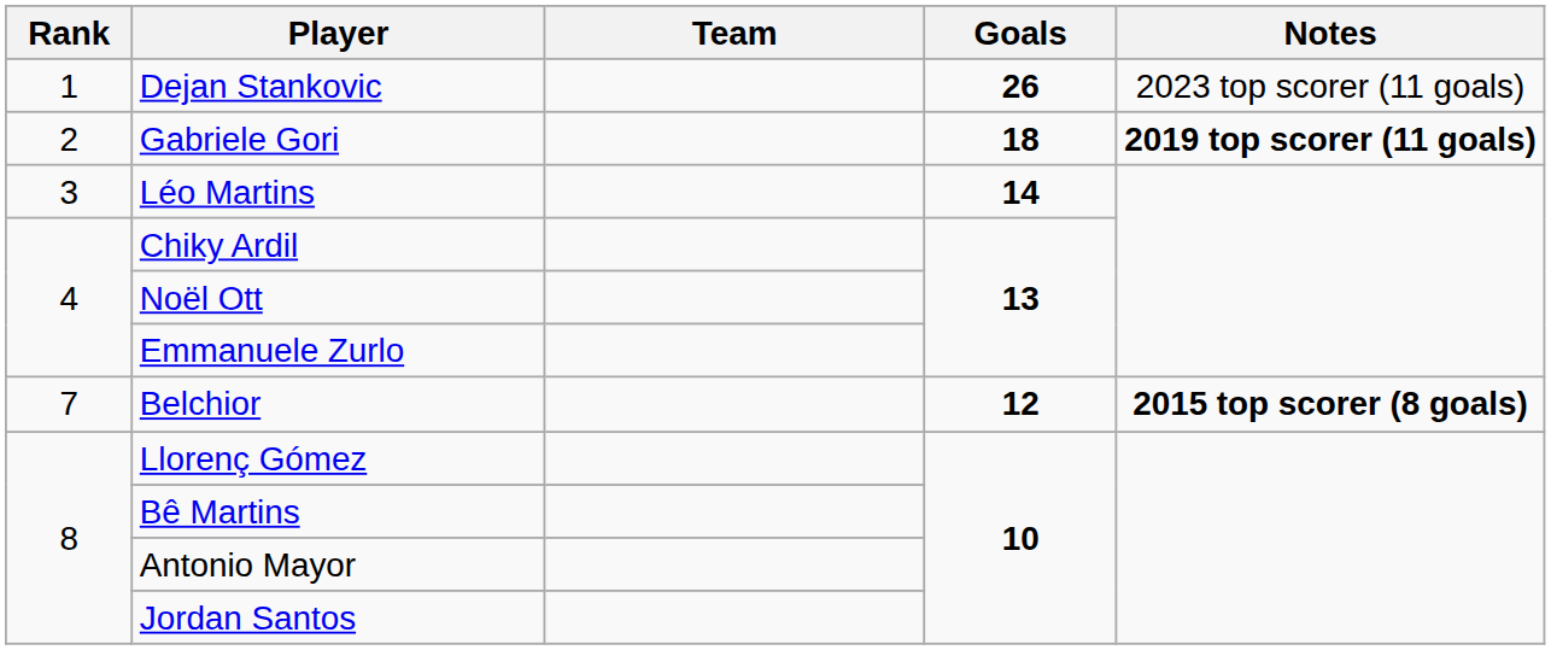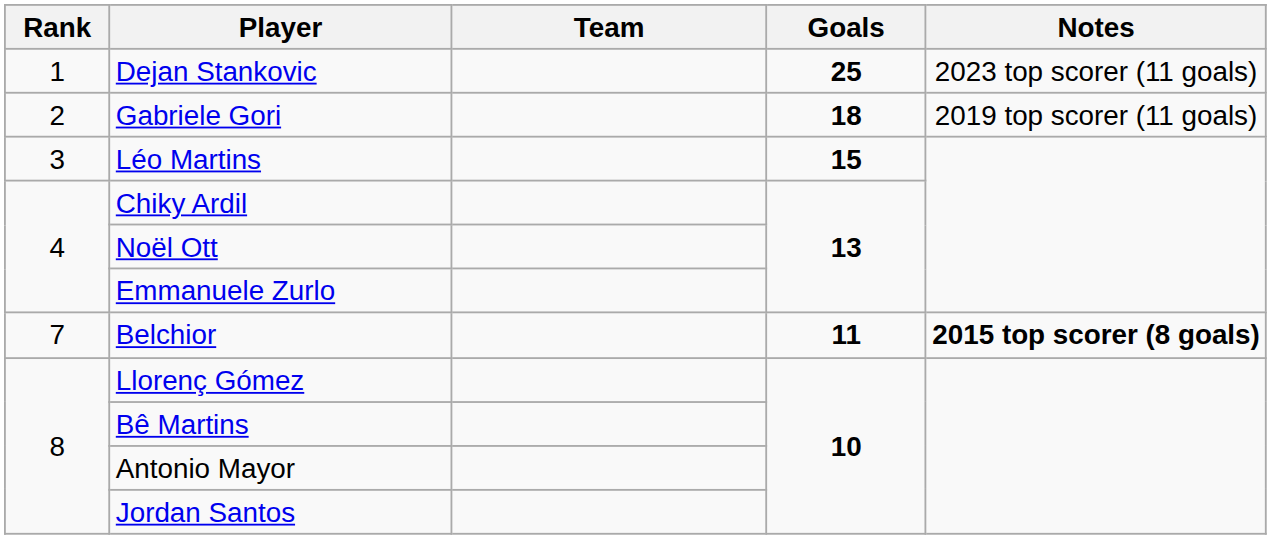 <table class="wikitable" style="text-align:center; font-size: 95%">
 <tr>
 <th width=50>Rank</th>
 <th width=180>Player</th>
 <th width=165>Team</th>
 <th width=80>Goals</th>
 <th>Notes</th>
 </tr>
 <tr>
 <td>1</td>
 <td style="text-align:left"><a href='#'>Dejan Stankovic</a></td>
 <td style="text-align:left"></td>
-<td><strong>26</strong></td>
+<td><strong>25</strong></td>
 <td>2023 top scorer (11 goals)</td>
 </tr>
 <tr>
 <td>2</td>
 <td style="text-align:left"><a href='#'>Gabriele Gori</a></td>
 <td style="text-align:left"></td>
 <td><strong>18</strong></td>
-<td><strong>2019 top scorer (11 goals)</strong></td>
+<td>2019 top scorer (11 goals)</td>
 </tr>
 <tr>
 <td>3</td>
 <td style="text-align:left"><a href='#'>Léo Martins</a></td>
 <td style="text-align:left"></td>
-<td><strong>14</strong></td>
+<td><strong>15</strong></td>
 </tr>
 <tr>
 <td rowspan=3>4</td>
 <td style="text-align:left"><a href='#'>Chiky Ardil</a></td>
 <td style="text-align:left"></td>
 <td rowspan=3><strong>13</strong></td>
 </tr>
 <tr>
 <td style="text-align:left"><a href='#'>Noël Ott</a></td>
 <td style="text-align:left"></td>
 </tr>
 <tr>
 <td style="text-align:left"><a href='#'>Emmanuele Zurlo</a></td>
 <td style="text-align:left"></td>
 </tr>
 <tr>
 <td>7</td>
 <td style="text-align:left"><a href='#'>Belchior</a></td>
 <td style="text-align:left"></td>
-<td><strong>12</strong></td>
+<td><strong>11</strong></td>
 <td><strong>2015 top scorer (8 goals)</strong></td>
 </tr>
 <tr>
 <td rowspan=4>8</td>
 <td style="text-align:left"><a href='#'>Llorenç Gómez</a></td>
 <td style="text-align:left"></td>
 <td rowspan=4><strong>10</strong></td>
 </tr>
 <tr>
 <td style="text-align:left"><a href='#'>Bê Martins</a></td>
 <td style="text-align:left"></td>
 </tr>
 <tr>
 <td style="text-align:left">Antonio Mayor</td>
 <td style="text-align:left"></td>
 </tr>
 <tr>
 <td style="text-align:left"><a href='#'>Jordan Santos</a></td>
 <td style="text-align:left"></td>
 </tr>
 </table>
